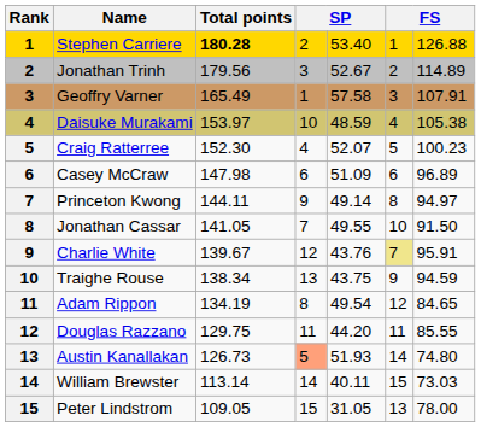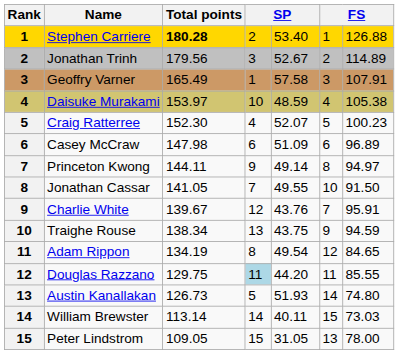 <table class="wikitable sortable">
 <tr>
 <th>Rank</th>
 <th>Name</th>
 <th>Total points</th>
 <th colspan="2" width="80px"><a href='#'>SP</a></th>
 <th colspan="2" width="80px"><a href='#'>FS</a></th>
 </tr>
 <tr bgcolor="gold">
 <td align="center"><strong>1</strong></td>
 <td><a href='#'>Stephen Carriere</a></td>
 <td><strong>180.28</strong></td>
 <td>2</td>
 <td>53.40</td>
 <td>1</td>
 <td>126.88</td>
 </tr>
 <tr bgcolor="silver">
 <td align="center"><strong>2</strong></td>
 <td>Jonathan Trinh</td>
 <td>179.56</td>
 <td>3</td>
 <td>52.67</td>
 <td>2</td>
 <td>114.89</td>
 </tr>
 <tr bgcolor="cc9966">
 <td align="center"><strong>3</strong></td>
 <td>Geoffry Varner</td>
 <td>165.49</td>
 <td>1</td>
 <td>57.58</td>
 <td>3</td>
 <td>107.91</td>
 </tr>
 <tr bgcolor="#d1c571">
 <td align="center"><strong>4</strong></td>
 <td><a href='#'>Daisuke Murakami</a></td>
 <td>153.97</td>
 <td>10</td>
 <td>48.59</td>
 <td>4</td>
 <td>105.38</td>
 </tr>
 <tr>
 <th>5</th>
 <td><a href='#'>Craig Ratterree</a></td>
 <td>152.30</td>
 <td>4</td>
 <td>52.07</td>
 <td>5</td>
 <td>100.23</td>
 </tr>
 <tr>
 <th>6</th>
 <td>Casey McCraw</td>
 <td>147.98</td>
 <td>6</td>
 <td>51.09</td>
 <td>6</td>
 <td>96.89</td>
 </tr>
 <tr>
 <th>7</th>
 <td>Princeton Kwong</td>
 <td>144.11</td>
 <td>9</td>
 <td>49.14</td>
 <td>8</td>
 <td>94.97</td>
 </tr>
 <tr>
 <th>8</th>
 <td>Jonathan Cassar</td>
 <td>141.05</td>
 <td>7</td>
 <td>49.55</td>
 <td>10</td>
 <td>91.50</td>
 </tr>
 <tr>
 <th>9</th>
 <td><a href='#'>Charlie White</a></td>
 <td>139.67</td>
 <td>12</td>
 <td>43.76</td>
-<td style="background: khaki;">7</td>
+<td>7</td>
 <td>95.91</td>
 </tr>
 <tr>
 <th>10</th>
 <td>Traighe Rouse</td>
 <td>138.34</td>
 <td>13</td>
 <td>43.75</td>
 <td>9</td>
 <td>94.59</td>
 </tr>
 <tr>
 <th>11</th>
 <td><a href='#'>Adam Rippon</a></td>
 <td>134.19</td>
 <td>8</td>
 <td>49.54</td>
 <td>12</td>
 <td>84.65</td>
 </tr>
 <tr>
 <th>12</th>
 <td><a href='#'>Douglas Razzano</a></td>
 <td>129.75</td>
-<td>11</td>
+<td style="background: lightblue;">11</td>
 <td>44.20</td>
 <td>11</td>
 <td>85.55</td>
 </tr>
 <tr>
 <th>13</th>
 <td><a href='#'>Austin Kanallakan</a></td>
 <td>126.73</td>
-<td style="background: lightsalmon;">5</td>
+<td>5</td>
 <td>51.93</td>
 <td>14</td>
 <td>74.80</td>
 </tr>
 <tr>
 <th>14</th>
 <td>William Brewster</td>
 <td>113.14</td>
 <td>14</td>
 <td>40.11</td>
 <td>15</td>
 <td>73.03</td>
 </tr>
 <tr>
 <th>15</th>
 <td>Peter Lindstrom</td>
 <td>109.05</td>
 <td>15</td>
 <td>31.05</td>
 <td>13</td>
 <td>78.00</td>
 </tr>
 </table>
